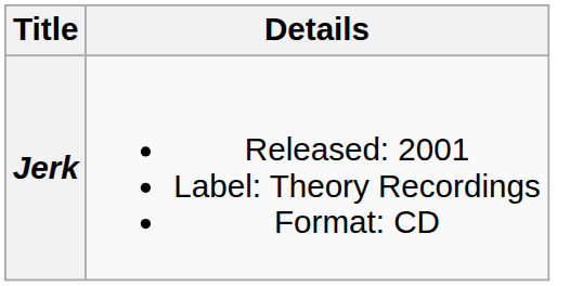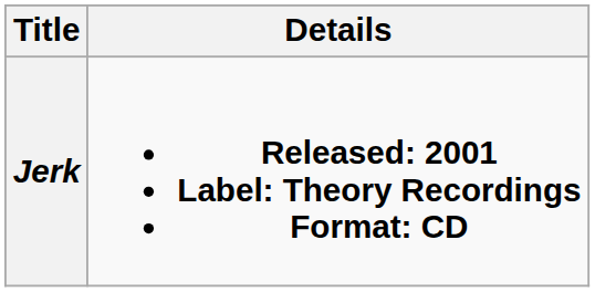 <table class="wikitable plainrowheaders" style="text-align:center;" border="1">
 <tr>
 <th>Title</th>
 <th>Details</th>
 </tr>
 <tr>
 <th scope="row"><em>Jerk</em></th>
-<td><br><ul><li>Released: 2001</li><li>Label: Theory Recordings</li><li>Format: CD</li></ul></td>
+<td><strong><br><ul><li>Released: 2001</li><li>Label: Theory Recordings</li><li>Format: CD</li></ul></strong></td>
 </tr>
 </table>
